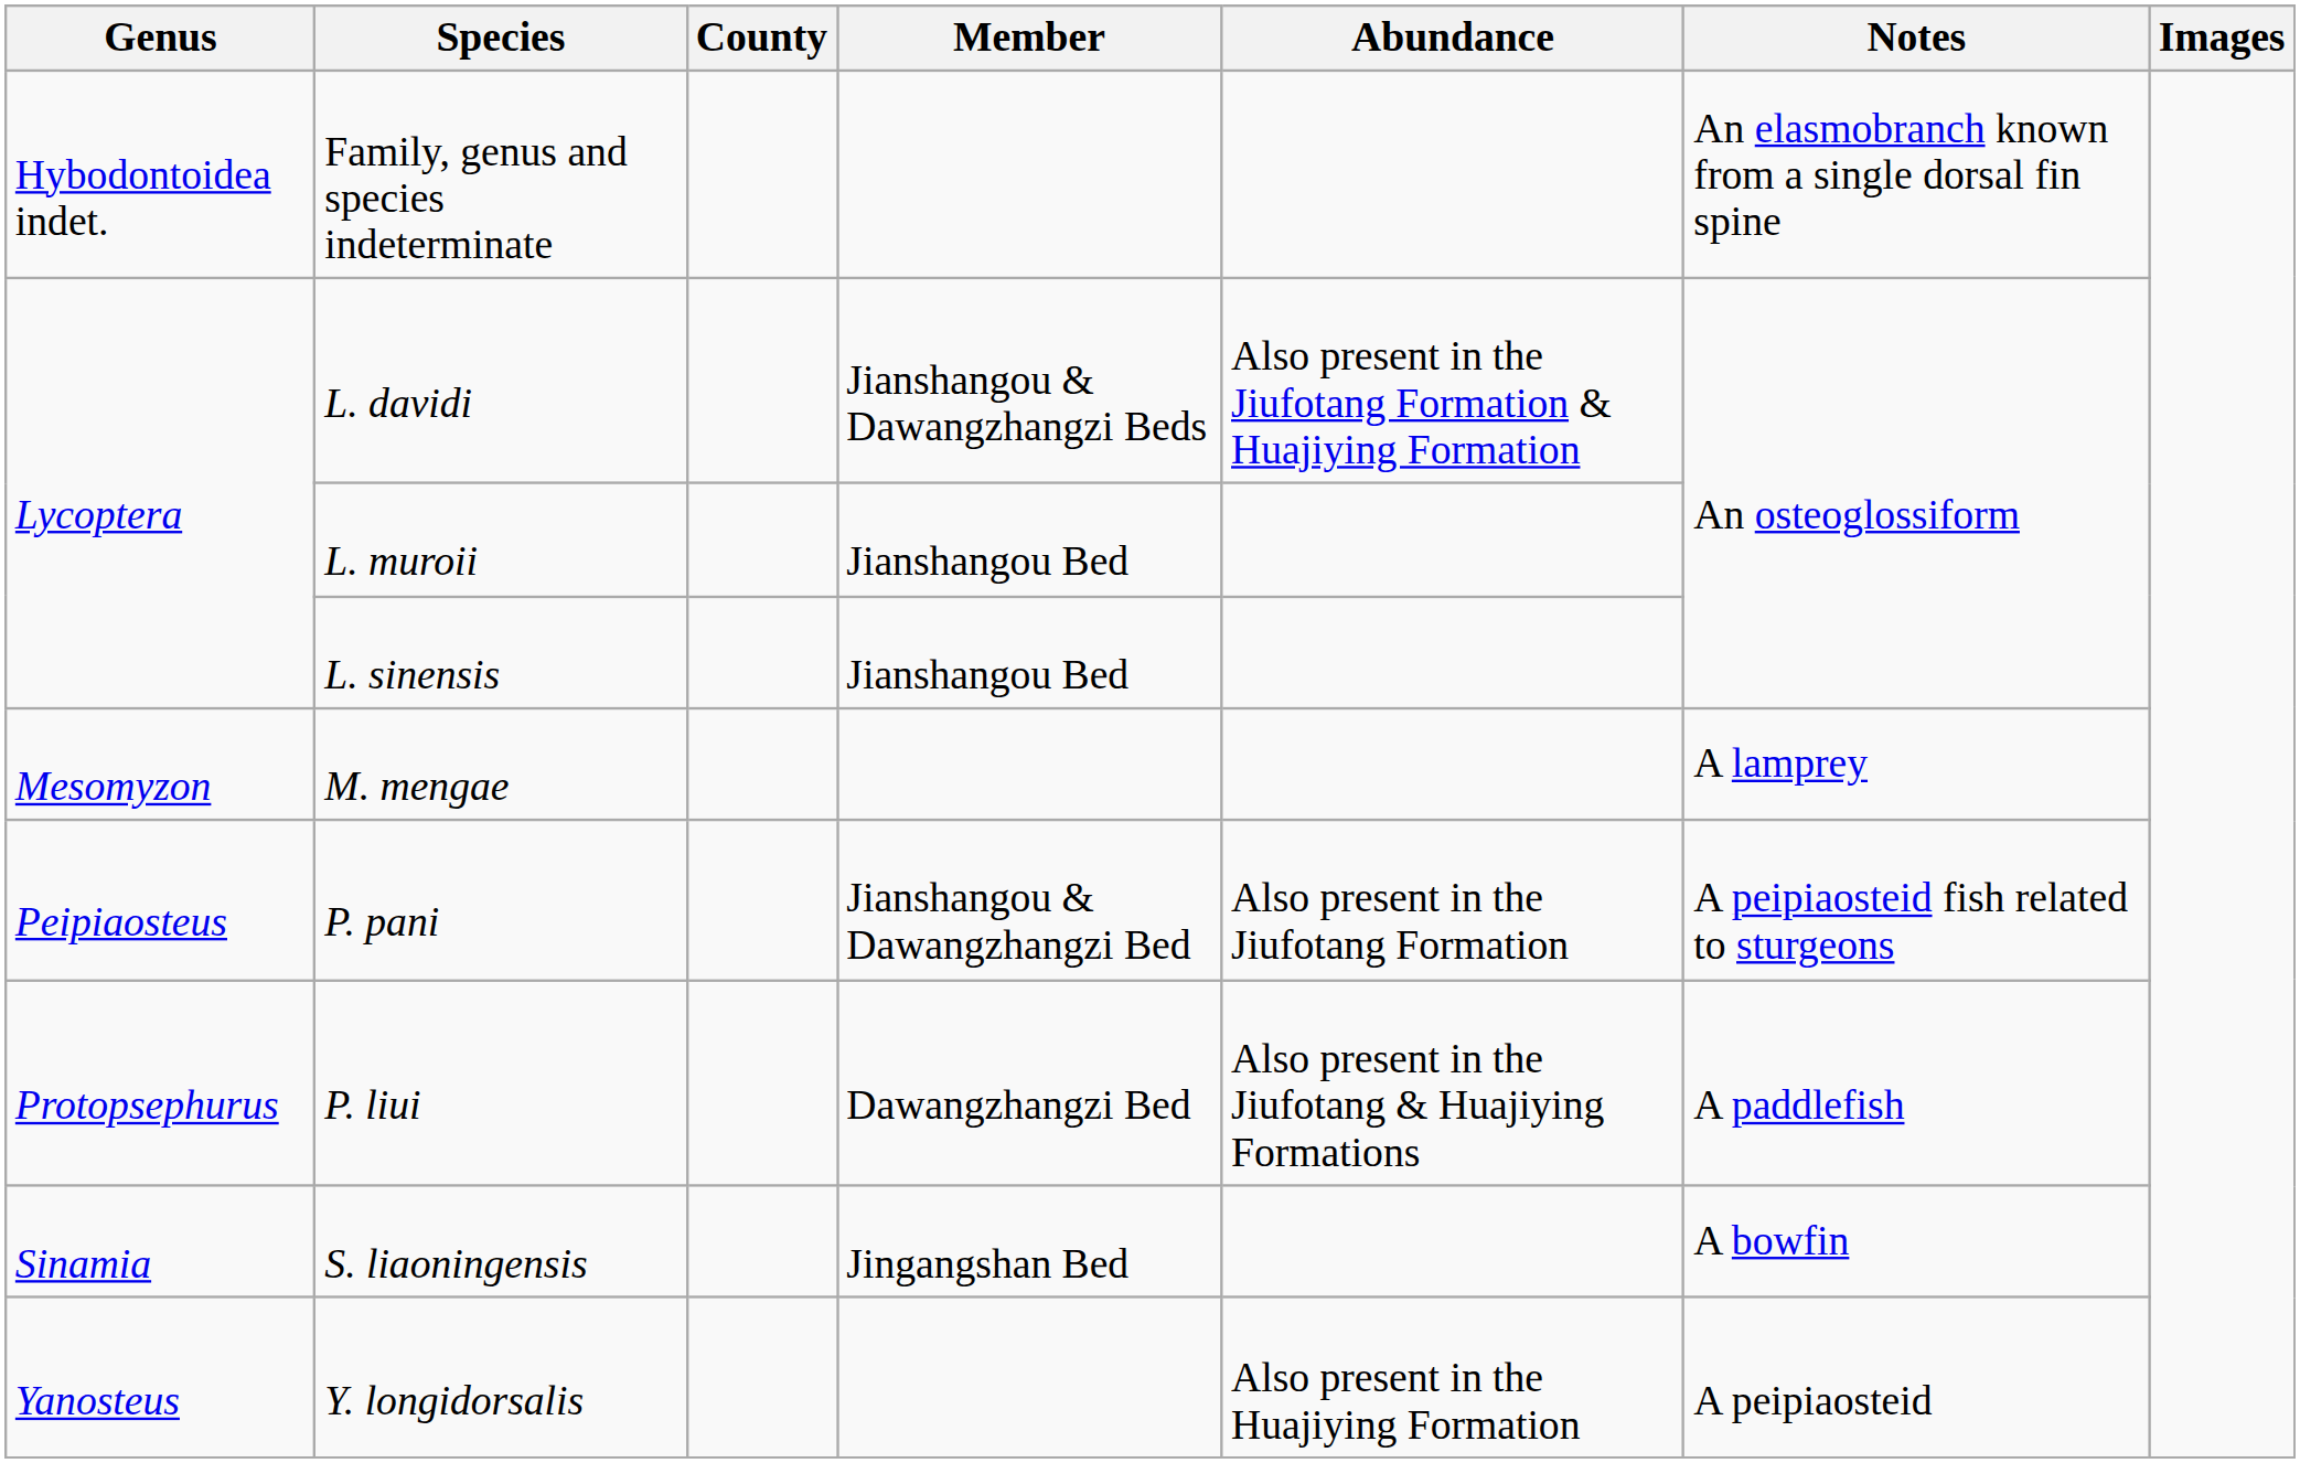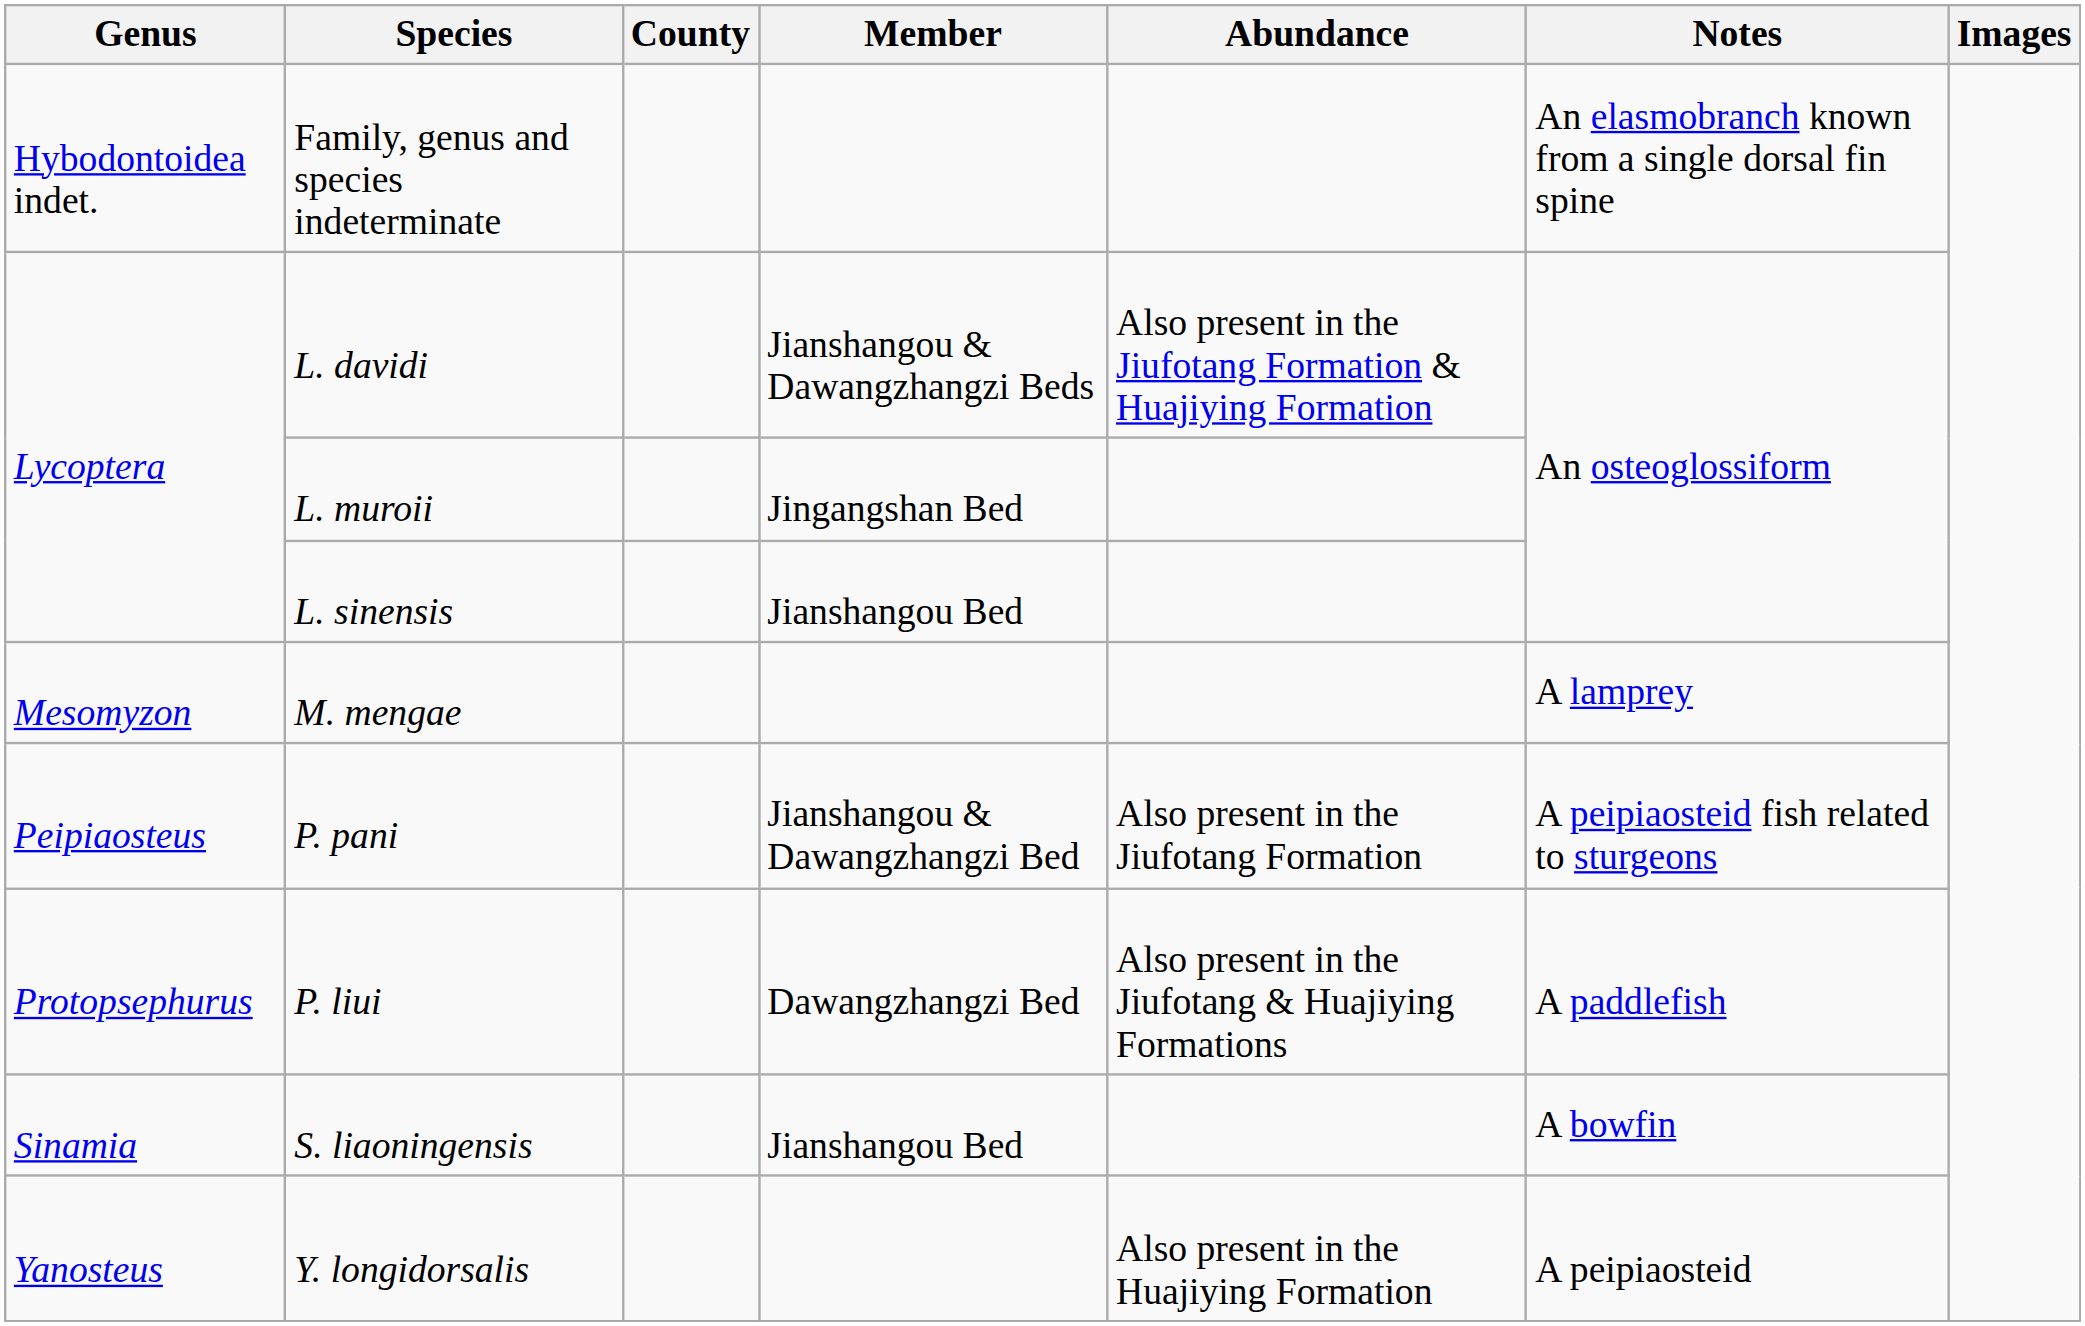 <table class="wikitable" align="center" width="100%">
 <tr>
 <th>Genus</th>
 <th>Species</th>
 <th>County</th>
 <th>Member</th>
 <th>Abundance</th>
 <th>Notes</th>
 <th>Images</th>
 </tr>
 <tr>
 <td><br><a href='#'>Hybodontoidea</a> indet.</td>
 <td><br>Family, genus and species indeterminate</td>
 <td></td>
 <td></td>
 <td></td>
 <td>An <a href='#'>elasmobranch</a> known from a single dorsal fin spine</td>
 <td rowspan="99"><br>   </td>
 </tr>
 <tr>
 <td rowspan="3"><br><em><a href='#'>Lycoptera</a></em></td>
 <td><br><em>L. davidi</em></td>
 <td></td>
 <td><br>Jianshangou & Dawangzhangzi Beds</td>
 <td><br>Also present in the <a href='#'>Jiufotang Formation</a> & <a href='#'>Huajiying Formation</a></td>
 <td rowspan="3"><br>An <a href='#'>osteoglossiform</a></td>
 </tr>
 <tr>
 <td><br><em>L. muroii</em></td>
 <td></td>
-<td><br>Jianshangou Bed</td>
+<td><br>Jingangshan Bed</td>
 <td></td>
 </tr>
 <tr>
 <td><br><em>L. sinensis</em></td>
 <td></td>
 <td><br>Jianshangou Bed</td>
 <td></td>
 </tr>
 <tr>
 <td><br><em><a href='#'>Mesomyzon</a></em></td>
 <td><br><em>M. mengae</em></td>
 <td></td>
 <td></td>
 <td></td>
 <td>A <a href='#'>lamprey</a></td>
 </tr>
 <tr>
 <td><br><em><a href='#'>Peipiaosteus</a></em></td>
 <td><br><em>P. pani</em></td>
 <td></td>
 <td><br>Jianshangou & Dawangzhangzi Bed</td>
 <td><br>Also present in the Jiufotang Formation</td>
 <td><br>A <a href='#'>peipiaosteid</a> fish related to <a href='#'>sturgeons</a></td>
 </tr>
 <tr>
 <td><br><em><a href='#'>Protopsephurus</a></em></td>
 <td><br><em>P. liui</em></td>
 <td></td>
 <td><br>Dawangzhangzi Bed</td>
 <td><br>Also present in the Jiufotang & Huajiying Formations</td>
 <td><br>A <a href='#'>paddlefish</a></td>
 </tr>
 <tr>
 <td><br><em><a href='#'>Sinamia</a></em></td>
 <td><br><em>S. liaoningensis</em></td>
 <td></td>
-<td><br>Jingangshan Bed</td>
+<td><br>Jianshangou Bed</td>
 <td></td>
 <td>A <a href='#'>bowfin</a></td>
 </tr>
 <tr>
 <td><br><em><a href='#'>Yanosteus</a></em></td>
 <td><br><em>Y. longidorsalis</em></td>
 <td></td>
 <td></td>
 <td><br>Also present in the Huajiying Formation</td>
 <td><br>A peipiaosteid</td>
 </tr>
 <tr>
 </tr>
 </table>
